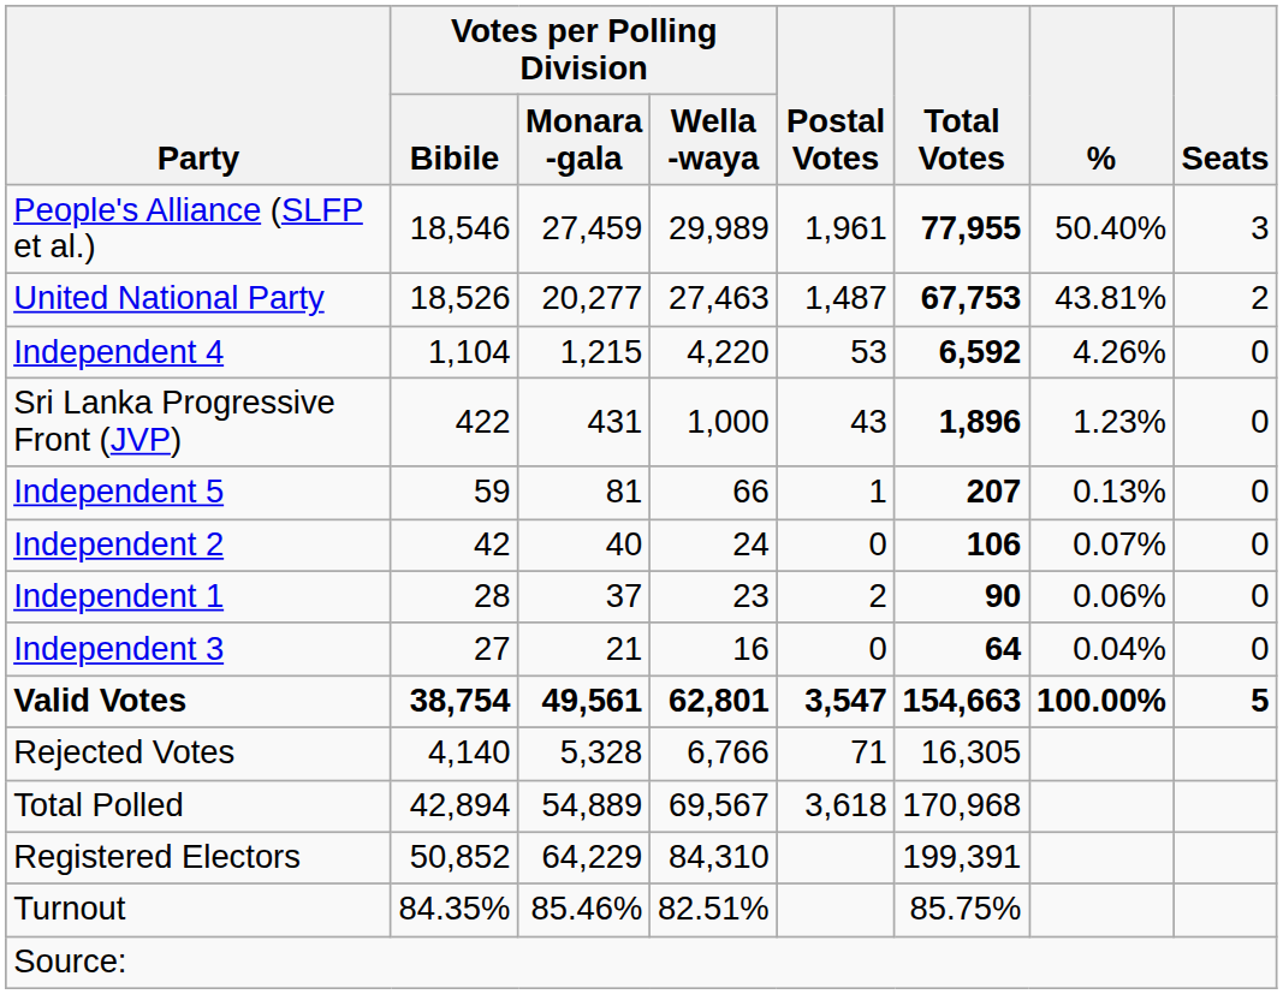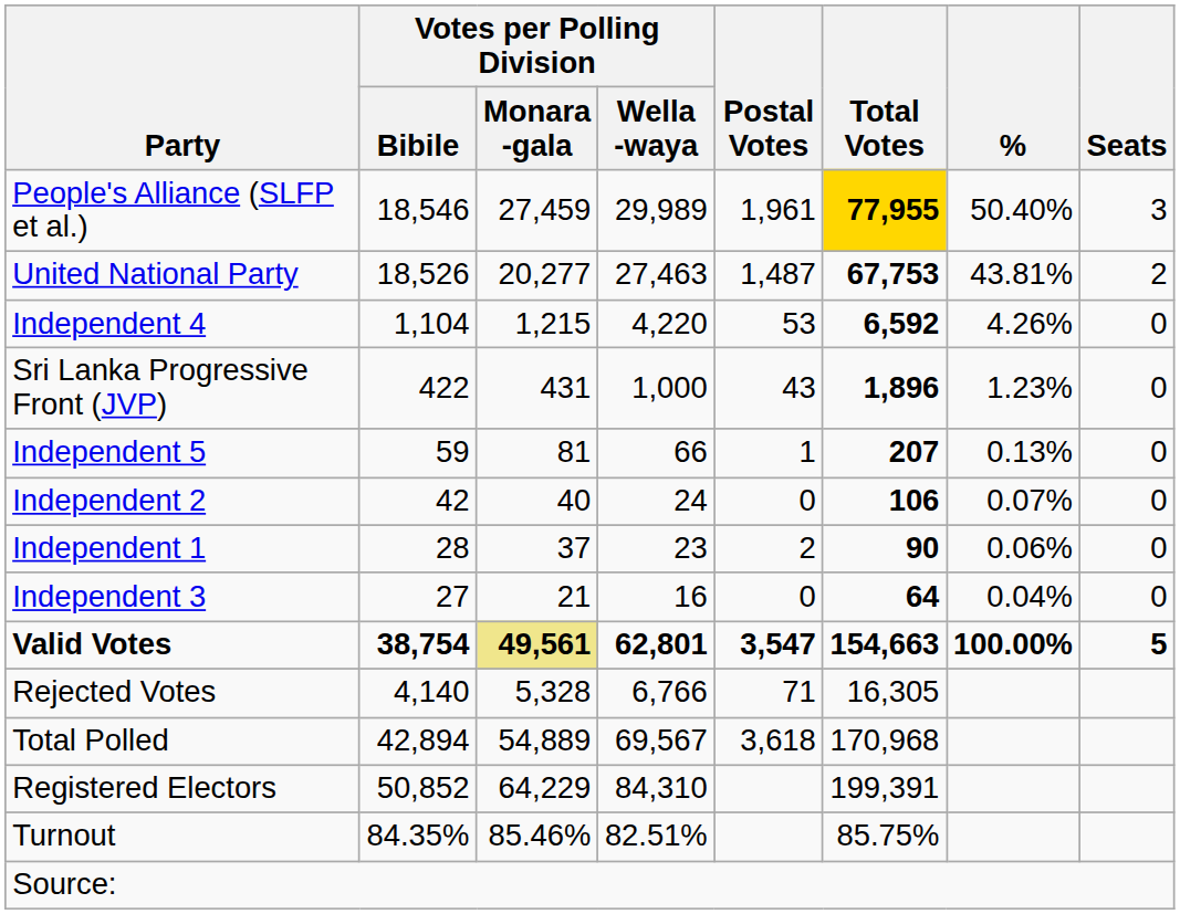 <table class="wikitable" border="1" style="text-align:right;">
 <tr>
 <th align=left valign=bottom rowspan=2 width="180">Party</th>
 <th colspan=3>Votes per Polling Division</th>
 <th align=center valign=bottom rowspan=2 width="50">Postal<br>Votes</th>
 <th align=center valign=bottom rowspan=2 width="50">Total Votes</th>
 <th align=center valign=bottom rowspan=2 width="50">%</th>
 <th align=center valign=bottom rowspan=2 width="40">Seats</th>
 </tr>
 <tr>
 <th align=center valign=bottom width="50">Bibile</th>
 <th align=center valign=bottom width="50">Monara<br>-gala</th>
 <th align=center valign=bottom width="50">Wella<br>-waya</th>
 </tr>
 <tr>
 <td align=left><a href='#'>People's Alliance</a> (<a href='#'>SLFP</a> et al.)</td>
 <td>18,546</td>
 <td>27,459</td>
 <td>29,989</td>
 <td>1,961</td>
-<td><strong>77,955</strong></td>
+<td style="background: gold;"><strong>77,955</strong></td>
 <td>50.40%</td>
 <td>3</td>
 </tr>
 <tr>
 <td align=left><a href='#'>United National Party</a></td>
 <td>18,526</td>
 <td>20,277</td>
 <td>27,463</td>
 <td>1,487</td>
 <td><strong>67,753</strong></td>
 <td>43.81%</td>
 <td>2</td>
 </tr>
 <tr>
 <td align=left><a href='#'>Independent 4</a></td>
 <td>1,104</td>
 <td>1,215</td>
 <td>4,220</td>
 <td>53</td>
 <td><strong>6,592</strong></td>
 <td>4.26%</td>
 <td>0</td>
 </tr>
 <tr>
 <td align=left>Sri Lanka Progressive Front (<a href='#'>JVP</a>)</td>
 <td>422</td>
 <td>431</td>
 <td>1,000</td>
 <td>43</td>
 <td><strong>1,896</strong></td>
 <td>1.23%</td>
 <td>0</td>
 </tr>
 <tr>
 <td align=left><a href='#'>Independent 5</a></td>
 <td>59</td>
 <td>81</td>
 <td>66</td>
 <td>1</td>
 <td><strong>207</strong></td>
 <td>0.13%</td>
 <td>0</td>
 </tr>
 <tr>
 <td align=left><a href='#'>Independent 2</a></td>
 <td>42</td>
 <td>40</td>
 <td>24</td>
 <td>0</td>
 <td><strong>106</strong></td>
 <td>0.07%</td>
 <td>0</td>
 </tr>
 <tr>
 <td align=left><a href='#'>Independent 1</a></td>
 <td>28</td>
 <td>37</td>
 <td>23</td>
 <td>2</td>
 <td><strong>90</strong></td>
 <td>0.06%</td>
 <td>0</td>
 </tr>
 <tr>
 <td align=left><a href='#'>Independent 3</a></td>
 <td>27</td>
 <td>21</td>
 <td>16</td>
 <td>0</td>
 <td><strong>64</strong></td>
 <td>0.04%</td>
 <td>0</td>
 </tr>
 <tr>
 <td align=left><strong>Valid Votes</strong></td>
 <td><strong>38,754</strong></td>
-<td><strong>49,561</strong></td>
+<td style="background: khaki;"><strong>49,561</strong></td>
 <td><strong>62,801</strong></td>
 <td><strong>3,547</strong></td>
 <td><strong>154,663</strong></td>
 <td><strong>100.00%</strong></td>
 <td><strong>5</strong></td>
 </tr>
 <tr>
 <td align=left>Rejected Votes</td>
 <td>4,140</td>
 <td>5,328</td>
 <td>6,766</td>
 <td>71</td>
 <td>16,305</td>
 <td></td>
 <td></td>
 </tr>
 <tr>
 <td align=left>Total Polled</td>
 <td>42,894</td>
 <td>54,889</td>
 <td>69,567</td>
 <td>3,618</td>
 <td>170,968</td>
 <td></td>
 <td></td>
 </tr>
 <tr>
 <td align=left>Registered Electors</td>
 <td>50,852</td>
 <td>64,229</td>
 <td>84,310</td>
 <td></td>
 <td>199,391</td>
 <td></td>
 <td></td>
 </tr>
 <tr>
 <td align=left>Turnout</td>
 <td>84.35%</td>
 <td>85.46%</td>
 <td>82.51%</td>
 <td></td>
 <td>85.75%</td>
 <td></td>
 <td></td>
 </tr>
 <tr>
 <td align=left colspan=9>Source:</td>
 </tr>
 </table>
